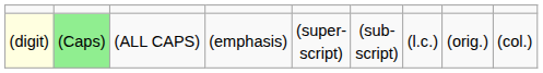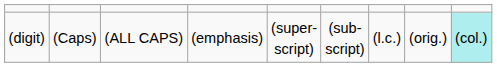 <table class="wikitable" style="line-height: 1.2">
 <tr align=center>
 <td></td>
 <td></td>
 <td></td>
 <td></td>
 <td></td>
 <td></td>
 <td></td>
 <td></td>
 <td></td>
 </tr>
 <tr align=center>
-<td style="background: lightyellow;"><small>(digit)</small></td>
-<td style="background: lightgreen;"><small>(Caps)</small></td>
+<td><small>(digit)</small></td>
+<td><small>(Caps)</small></td>
 <td><small>(ALL CAPS)</small></td>
 <td><small>(emphasis)</small></td>
 <td><small>(super-<br>script)</small></td>
 <td><small>(sub-<br>script)</small></td>
 <td><small>(l.c.)</small></td>
 <td><small>(orig.)</small></td>
-<td><small>(col.)</small></td>
+<td style="background: paleturquoise;"><small>(col.)</small></td>
 </tr>
 </table>
